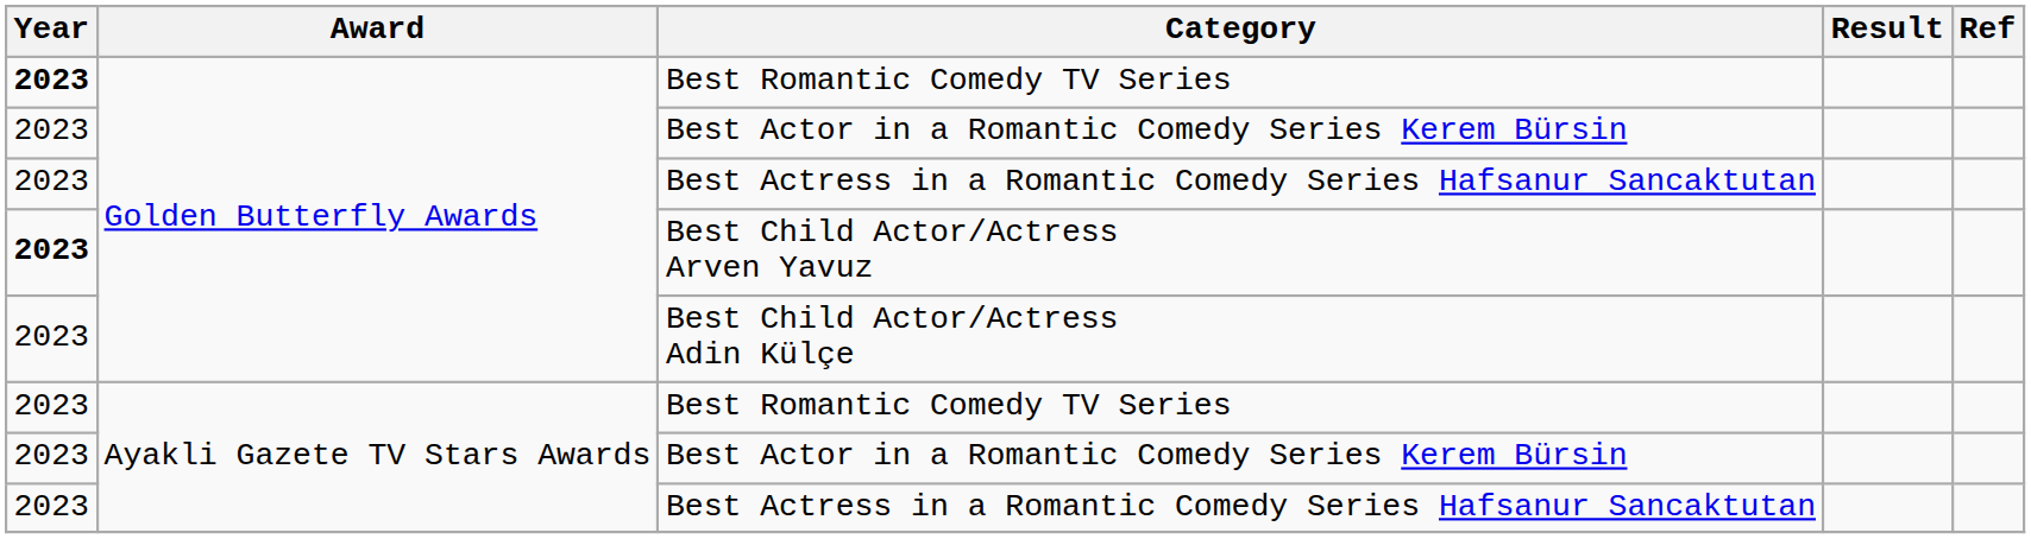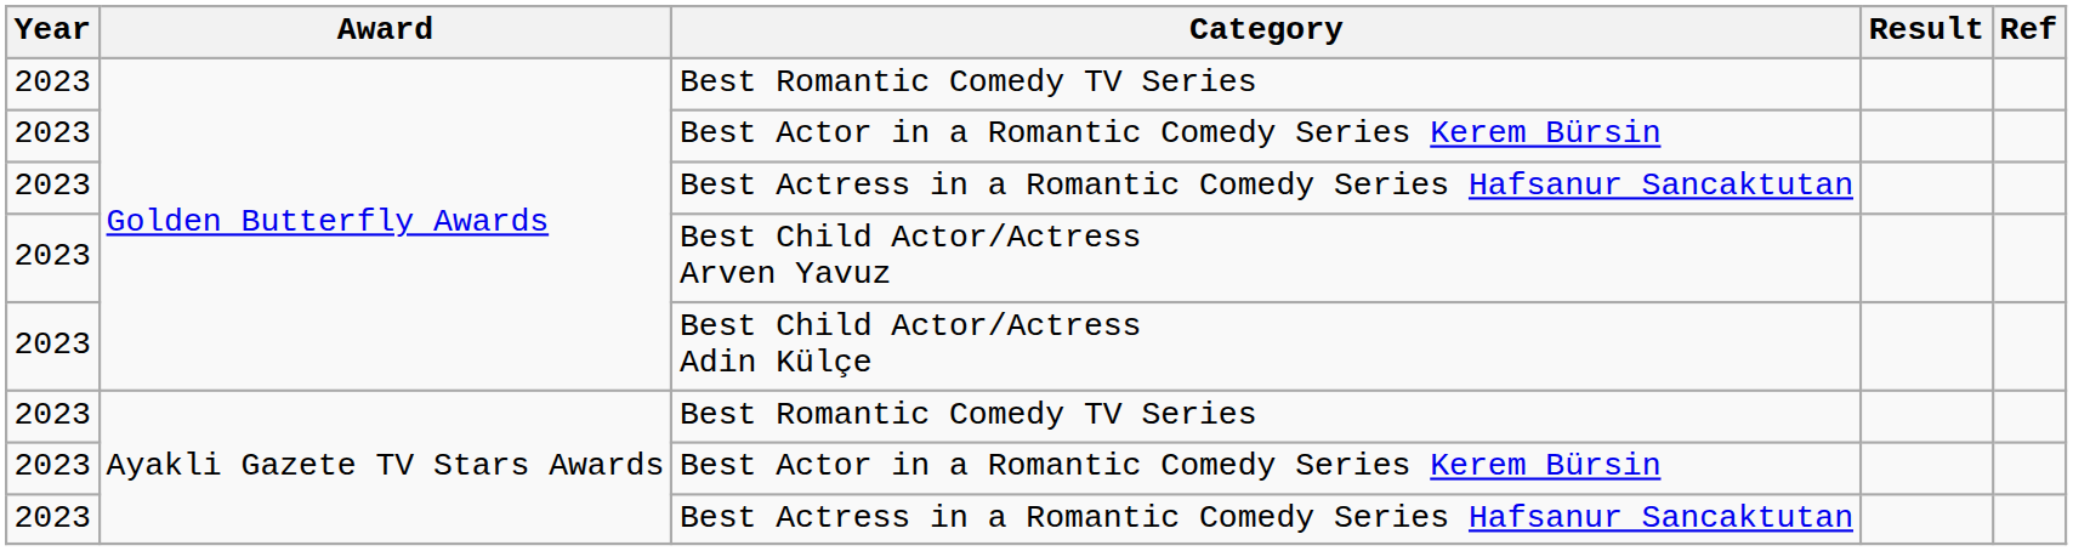 <table class="wikitable" style="font-size: 95%;">
 <tr>
 <th>Year</th>
 <th>Award</th>
 <th>Category</th>
 <th>Result</th>
 <th>Ref</th>
 </tr>
 <tr>
-<td><strong>2023</strong></td>
+<td>2023</td>
 <td rowspan="5"><a href='#'>Golden Butterfly Awards</a></td>
 <td>Best Romantic Comedy TV Series</td>
 <td></td>
 <td></td>
 </tr>
 <tr>
 <td>2023</td>
 <td>Best Actor in a Romantic Comedy Series <a href='#'>Kerem Bürsin</a></td>
 <td></td>
 <td></td>
 </tr>
 <tr>
 <td>2023</td>
 <td>Best Actress in a Romantic Comedy Series <a href='#'>Hafsanur Sancaktutan</a></td>
 <td></td>
 <td></td>
 </tr>
 <tr>
-<td><strong>2023</strong></td>
+<td>2023</td>
 <td>Best Child Actor/Actress<br>Arven Yavuz</td>
 <td></td>
 <td></td>
 </tr>
 <tr>
 <td>2023</td>
 <td>Best Child Actor/Actress<br>Adin Külçe</td>
 <td></td>
 <td></td>
 </tr>
 <tr>
 <td>2023</td>
 <td rowspan="3">Ayakli Gazete TV Stars Awards</td>
 <td>Best Romantic Comedy TV Series</td>
 <td></td>
 <td></td>
 </tr>
 <tr>
 <td>2023</td>
 <td>Best Actor in a Romantic Comedy Series <a href='#'>Kerem Bürsin</a></td>
 <td></td>
 <td></td>
 </tr>
 <tr>
 <td>2023</td>
 <td>Best Actress in a Romantic Comedy Series <a href='#'>Hafsanur Sancaktutan</a></td>
 <td></td>
 <td></td>
 </tr>
 <tr>
 </tr>
 </table>
